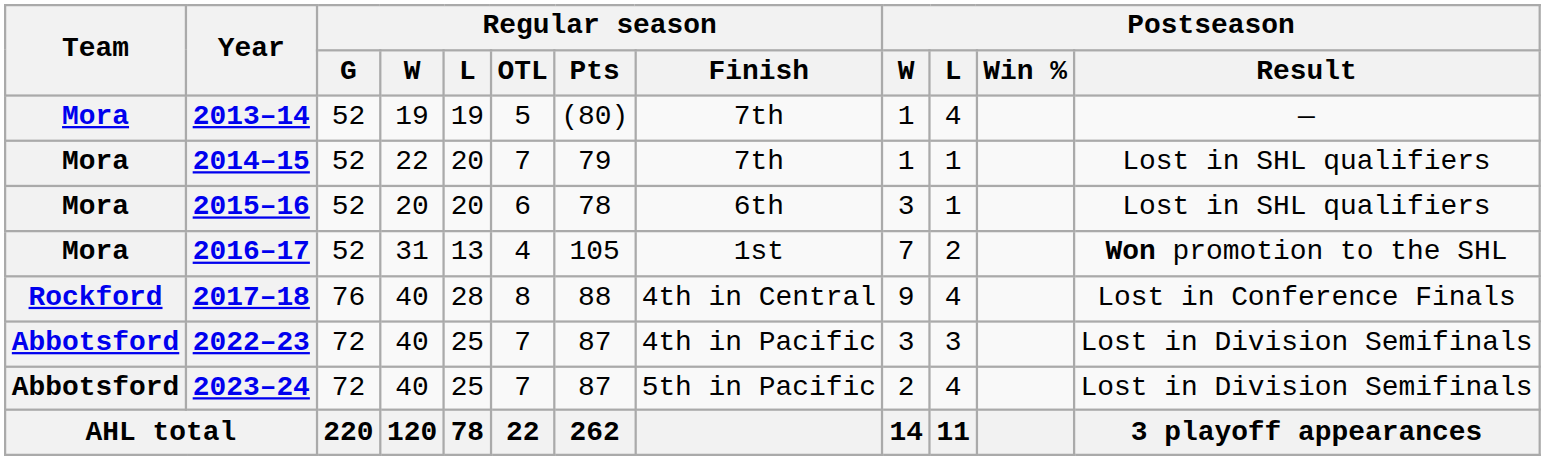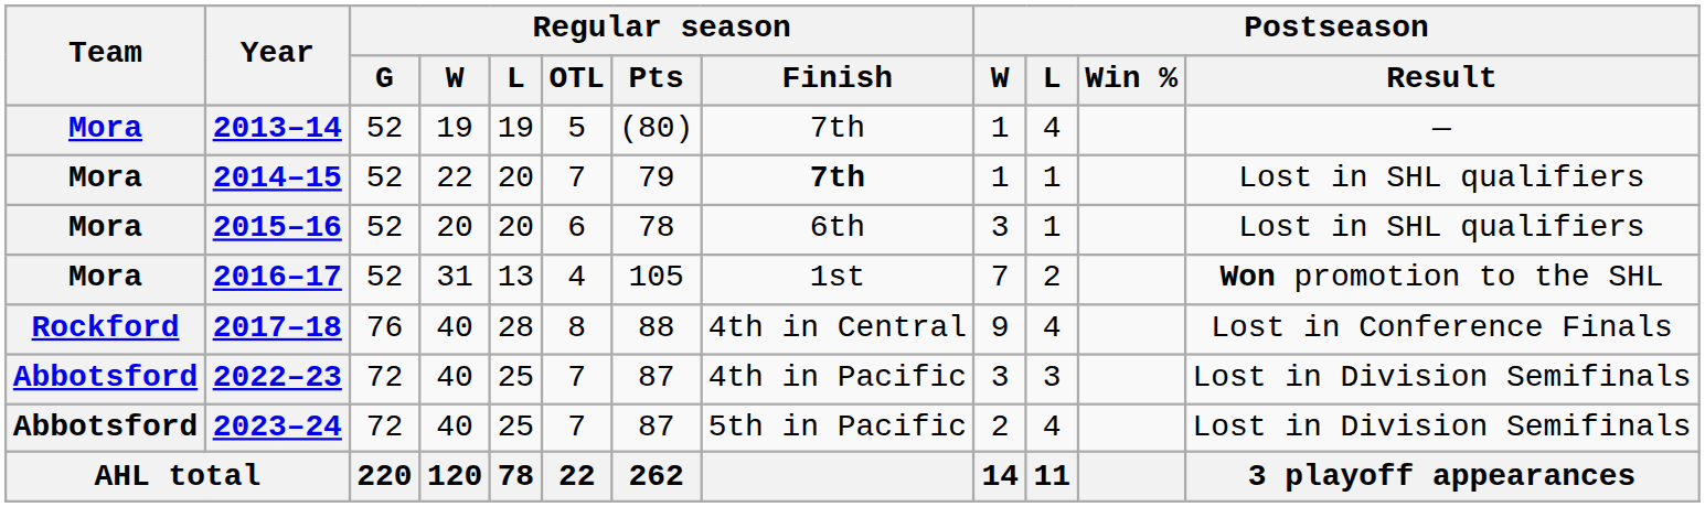 <table class="wikitable" style="font-size: 95%; text-align:center;">
 <tr>
 <th rowspan="2">Team</th>
 <th rowspan="2">Year</th>
 <th colspan="6">Regular season</th>
 <th colspan="4">Postseason</th>
 </tr>
 <tr>
 <th>G</th>
 <th>W</th>
 <th>L</th>
 <th>OTL</th>
 <th>Pts</th>
 <th>Finish</th>
 <th>W</th>
 <th>L</th>
 <th>Win %</th>
 <th>Result</th>
 </tr>
 <tr>
 <th><a href='#'>Mora</a></th>
 <th><a href='#'>2013–14</a></th>
 <td>52</td>
 <td>19</td>
 <td>19</td>
 <td>5</td>
 <td>(80)</td>
 <td>7th</td>
 <td>1</td>
 <td>4</td>
 <td></td>
 <td>—</td>
 </tr>
 <tr>
 <th>Mora</th>
 <th><a href='#'>2014–15</a></th>
 <td>52</td>
 <td>22</td>
 <td>20</td>
 <td>7</td>
 <td>79</td>
-<td>7th</td>
+<td><strong>7th</strong></td>
 <td>1</td>
 <td>1</td>
 <td></td>
 <td>Lost in SHL qualifiers</td>
 </tr>
 <tr>
 <th>Mora</th>
 <th><a href='#'>2015–16</a></th>
 <td>52</td>
 <td>20</td>
 <td>20</td>
 <td>6</td>
 <td>78</td>
 <td>6th</td>
 <td>3</td>
 <td>1</td>
 <td></td>
 <td>Lost in SHL qualifiers</td>
 </tr>
 <tr>
 <th>Mora</th>
 <th><a href='#'>2016–17</a></th>
 <td>52</td>
 <td>31</td>
 <td>13</td>
 <td>4</td>
 <td>105</td>
 <td>1st</td>
 <td>7</td>
 <td>2</td>
 <td></td>
 <td><strong>Won</strong> promotion to the SHL</td>
 </tr>
 <tr>
 <th><a href='#'>Rockford</a></th>
 <th><a href='#'>2017–18</a></th>
 <td>76</td>
 <td>40</td>
 <td>28</td>
 <td>8</td>
 <td>88</td>
 <td>4th in Central</td>
 <td>9</td>
 <td>4</td>
 <td></td>
 <td>Lost in Conference Finals</td>
 </tr>
 <tr>
 <th><a href='#'>Abbotsford</a></th>
 <th><a href='#'>2022–23</a></th>
 <td>72</td>
 <td>40</td>
 <td>25</td>
 <td>7</td>
 <td>87</td>
 <td>4th in Pacific</td>
 <td>3</td>
 <td>3</td>
 <td></td>
 <td>Lost in Division Semifinals</td>
 </tr>
 <tr>
 <th>Abbotsford</th>
 <th><a href='#'>2023–24</a></th>
 <td>72</td>
 <td>40</td>
 <td>25</td>
 <td>7</td>
 <td>87</td>
 <td>5th in Pacific</td>
 <td>2</td>
 <td>4</td>
 <td></td>
 <td>Lost in Division Semifinals</td>
 </tr>
 <tr>
 <th colspan="2">AHL total</th>
 <th>220</th>
 <th>120</th>
 <th>78</th>
 <th>22</th>
 <th>262</th>
 <th></th>
 <th>14</th>
 <th>11</th>
 <th></th>
 <th>3 playoff appearances</th>
 </tr>
 </table>
